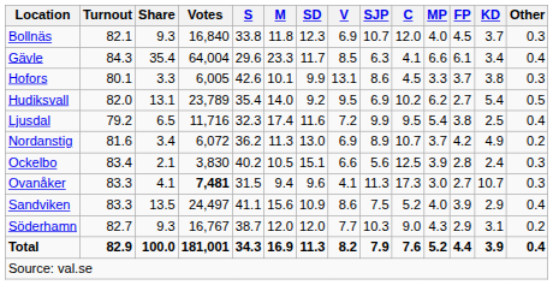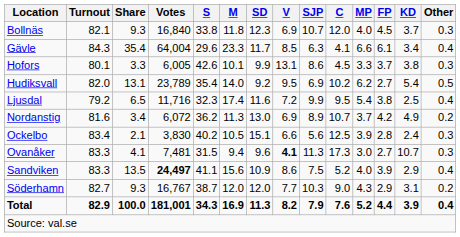 <table class="wikitable sortable" style=text-align:right>
 <tr>
 <th>Location</th>
 <th>Turnout</th>
 <th>Share</th>
 <th>Votes</th>
 <th><a href='#'>S</a></th>
 <th><a href='#'>M</a></th>
 <th><a href='#'>SD</a></th>
 <th><a href='#'>V</a></th>
 <th><a href='#'>SJP</a></th>
 <th><a href='#'>C</a></th>
 <th><a href='#'>MP</a></th>
 <th><a href='#'>FP</a></th>
 <th><a href='#'>KD</a></th>
 <th>Other</th>
 </tr>
 <tr>
 <td align=left><a href='#'>Bollnäs</a></td>
 <td>82.1</td>
 <td>9.3</td>
 <td>16,840</td>
 <td>33.8</td>
 <td>11.8</td>
 <td>12.3</td>
 <td>6.9</td>
 <td>10.7</td>
 <td>12.0</td>
 <td>4.0</td>
 <td>4.5</td>
 <td>3.7</td>
 <td>0.3</td>
 </tr>
 <tr>
 <td align=left><a href='#'>Gävle</a></td>
 <td>84.3</td>
 <td>35.4</td>
 <td>64,004</td>
 <td>29.6</td>
 <td>23.3</td>
 <td>11.7</td>
 <td>8.5</td>
 <td>6.3</td>
 <td>4.1</td>
 <td>6.6</td>
 <td>6.1</td>
 <td>3.4</td>
 <td>0.4</td>
 </tr>
 <tr>
 <td align=left><a href='#'>Hofors</a></td>
 <td>80.1</td>
 <td>3.3</td>
 <td>6,005</td>
 <td>42.6</td>
 <td>10.1</td>
 <td>9.9</td>
 <td>13.1</td>
 <td>8.6</td>
 <td>4.5</td>
 <td>3.3</td>
 <td>3.7</td>
 <td>3.8</td>
 <td>0.3</td>
 </tr>
 <tr>
 <td align=left><a href='#'>Hudiksvall</a></td>
 <td>82.0</td>
 <td>13.1</td>
 <td>23,789</td>
 <td>35.4</td>
 <td>14.0</td>
 <td>9.2</td>
 <td>9.5</td>
 <td>6.9</td>
 <td>10.2</td>
 <td>6.2</td>
 <td>2.7</td>
 <td>5.4</td>
 <td>0.5</td>
 </tr>
 <tr>
 <td align=left><a href='#'>Ljusdal</a></td>
 <td>79.2</td>
 <td>6.5</td>
 <td>11,716</td>
 <td>32.3</td>
 <td>17.4</td>
 <td>11.6</td>
 <td>7.2</td>
 <td>9.9</td>
 <td>9.5</td>
 <td>5.4</td>
 <td>3.8</td>
 <td>2.5</td>
 <td>0.4</td>
 </tr>
 <tr>
 <td align=left><a href='#'>Nordanstig</a></td>
 <td>81.6</td>
 <td>3.4</td>
 <td>6,072</td>
 <td>36.2</td>
 <td>11.3</td>
 <td>13.0</td>
 <td>6.9</td>
 <td>8.9</td>
 <td>10.7</td>
 <td>3.7</td>
 <td>4.2</td>
 <td>4.9</td>
 <td>0.2</td>
 </tr>
 <tr>
 <td align=left><a href='#'>Ockelbo</a></td>
 <td>83.4</td>
 <td>2.1</td>
 <td>3,830</td>
 <td>40.2</td>
 <td>10.5</td>
 <td>15.1</td>
 <td>6.6</td>
 <td>5.6</td>
 <td>12.5</td>
 <td>3.9</td>
 <td>2.8</td>
 <td>2.4</td>
 <td>0.3</td>
 </tr>
 <tr>
 <td align=left><a href='#'>Ovanåker</a></td>
 <td>83.3</td>
 <td>4.1</td>
-<td><strong>7,481</strong></td>
+<td>7,481</td>
 <td>31.5</td>
 <td>9.4</td>
 <td>9.6</td>
-<td>4.1</td>
+<td><strong>4.1</strong></td>
 <td>11.3</td>
 <td>17.3</td>
 <td>3.0</td>
 <td>2.7</td>
 <td>10.7</td>
 <td>0.3</td>
 </tr>
 <tr>
 <td align=left><a href='#'>Sandviken</a></td>
 <td>83.3</td>
 <td>13.5</td>
-<td>24,497</td>
+<td><strong>24,497</strong></td>
 <td>41.1</td>
 <td>15.6</td>
 <td>10.9</td>
 <td>8.6</td>
 <td>7.5</td>
 <td>5.2</td>
 <td>4.0</td>
 <td>3.9</td>
 <td>2.9</td>
 <td>0.4</td>
 </tr>
 <tr>
 <td align=left><a href='#'>Söderhamn</a></td>
 <td>82.7</td>
 <td>9.3</td>
 <td>16,767</td>
 <td>38.7</td>
 <td>12.0</td>
 <td>12.0</td>
 <td>7.7</td>
 <td>10.3</td>
 <td>9.0</td>
 <td>4.3</td>
 <td>2.9</td>
 <td>3.1</td>
 <td>0.2</td>
 </tr>
 <tr>
 <td align=left><strong>Total</strong></td>
 <td><strong>82.9</strong></td>
 <td><strong>100.0</strong></td>
 <td><strong>181,001</strong></td>
 <td><strong>34.3</strong></td>
 <td><strong>16.9</strong></td>
 <td><strong>11.3</strong></td>
 <td><strong>8.2</strong></td>
 <td><strong>7.9</strong></td>
 <td><strong>7.6</strong></td>
 <td><strong>5.2</strong></td>
 <td><strong>4.4</strong></td>
 <td><strong>3.9</strong></td>
 <td><strong>0.4</strong></td>
 </tr>
 <tr>
 <td align=left colspan=14>Source: val.se</td>
 </tr>
 </table>
